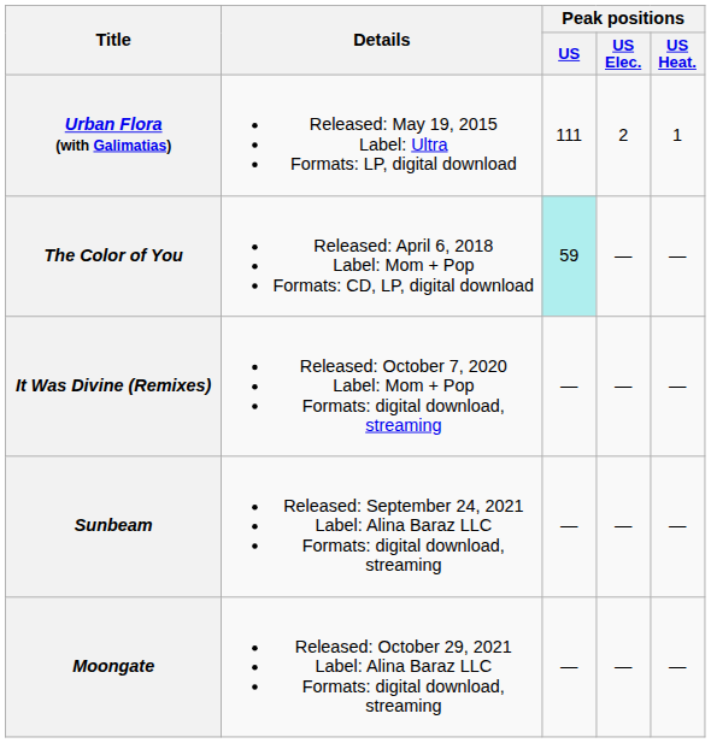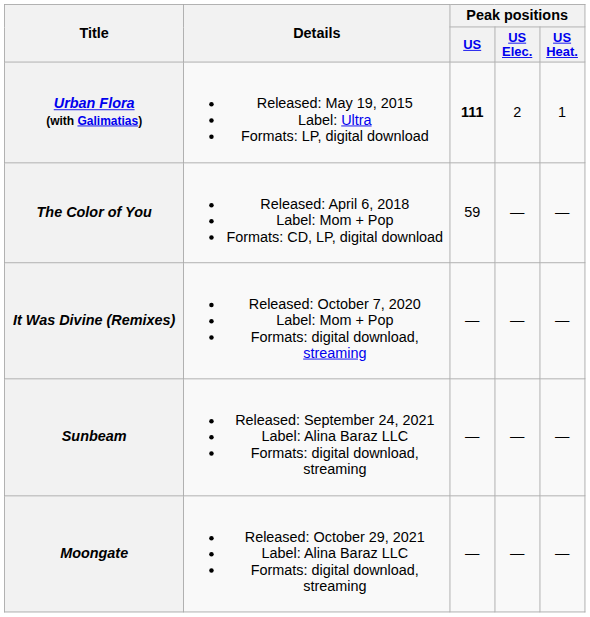 <table class="wikitable plainrowheaders" style="text-align:center;">
 <tr>
 <th scope="col" rowspan="2" style="width:12em;">Title</th>
 <th scope="col" rowspan="2" style="width:18em;">Details</th>
 <th scope="col" colspan="4">Peak positions</th>
 </tr>
 <tr>
 <th scope="col" style="width:3em;font-size:90%;"><a href='#'>US</a><br></th>
 <th scope="col" style="width:3em;font-size:90%;"><a href='#'>US<br>Elec.</a><br></th>
 <th scope="col" style="width:3em;font-size:90%;"><a href='#'>US<br>Heat.</a><br></th>
 </tr>
 <tr>
 <th scope="row"><em><a href='#'>Urban Flora</a></em><br><small>(with <a href='#'>Galimatias</a>)</small></th>
 <td><br><ul><li>Released: May 19, 2015</li><li>Label: <a href='#'>Ultra</a></li><li>Formats: LP, digital download</li></ul></td>
-<td>111</td>
+<td><strong>111</strong></td>
 <td>2</td>
 <td>1</td>
 </tr>
 <tr>
 <th scope="row"><em>The Color of You</em></th>
 <td><br><ul><li>Released: April 6, 2018</li><li>Label: Mom + Pop</li><li>Formats: CD, LP, digital download</li></ul></td>
-<td style="background: paleturquoise;">59</td>
+<td>59</td>
 <td>—</td>
 <td>—</td>
 </tr>
 <tr>
 <th scope="row"><em>It Was Divine (Remixes)</em></th>
 <td><br><ul><li>Released: October 7, 2020</li><li>Label: Mom + Pop</li><li>Formats: digital download, <a href='#'>streaming</a></li></ul></td>
 <td>—</td>
 <td>—</td>
 <td>—</td>
 </tr>
 <tr>
 <th scope="row"><em>Sunbeam</em></th>
 <td><br><ul><li>Released: September 24, 2021</li><li>Label: Alina Baraz LLC</li><li>Formats: digital download, streaming</li></ul></td>
 <td>—</td>
 <td>—</td>
 <td>—</td>
 </tr>
 <tr>
 <th scope="row"><em>Moongate</em></th>
 <td><br><ul><li>Released: October 29, 2021</li><li>Label: Alina Baraz LLC</li><li>Formats: digital download, streaming</li></ul></td>
 <td>—</td>
 <td>—</td>
 <td>—</td>
 </tr>
 </table>
